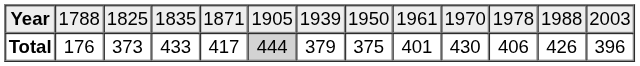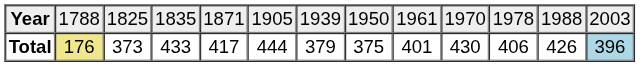 <table border="1" cellpadding="2" cellspacing="0" width="500">
 <tr bgcolor="#eeeeee" align="center">
 <td><strong>Year</strong></td>
 <td>1788</td>
 <td>1825</td>
 <td>1835</td>
 <td>1871</td>
 <td>1905</td>
 <td>1939</td>
 <td>1950</td>
 <td>1961</td>
 <td>1970</td>
 <td>1978</td>
 <td>1988</td>
 <td>2003</td>
 </tr>
 <tr align="center">
 <td><strong>Total</strong></td>
-<td>176</td>
+<td style="background: khaki;">176</td>
 <td>373</td>
 <td>433</td>
 <td>417</td>
-<td style="background: lightgrey;">444</td>
+<td>444</td>
 <td>379</td>
 <td>375</td>
 <td>401</td>
 <td>430</td>
 <td>406</td>
 <td>426</td>
-<td>396</td>
+<td style="background: lightblue;">396</td>
 </tr>
 </table>
